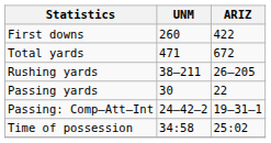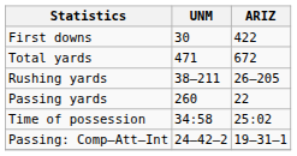 <table class="wikitable" style="float: left;">
 <tr>
 <th>Statistics</th>
 <th>UNM</th>
 <th>ARIZ</th>
 </tr>
 <tr>
 <td>First downs</td>
-<td>260</td>
+<td>30</td>
 <td>422</td>
 </tr>
 <tr>
 <td>Total yards</td>
 <td>471</td>
 <td>672</td>
 </tr>
 <tr>
 <td>Rushing yards</td>
 <td>38–211</td>
 <td>26–205</td>
 </tr>
 <tr>
 <td>Passing yards</td>
-<td>30</td>
+<td>260</td>
 <td>22</td>
+</tr>
+<tr>
+<td>Time of possession</td>
+<td>34:58</td>
+<td>25:02</td>
 </tr>
 <tr>
 <td>Passing: Comp–Att–Int</td>
 <td>24–42–2</td>
 <td>19–31–1</td>
 </tr>
 <tr>
-<td>Time of possession</td>
-<td>34:58</td>
-<td>25:02</td>
-</tr>
-<tr>
 </tr>
 </table>
